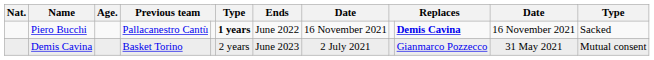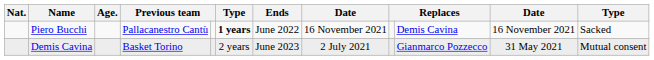 <table class="wikitable sortable">
 <tr>
 <th>Nat.</th>
 <th>Name</th>
 <th>Age.</th>
 <th colspan=2>Previous team</th>
 <th>Type</th>
 <th>Ends</th>
 <th>Date</th>
 <th colspan=2>Replaces</th>
 <th>Date</th>
 <th>Type</th>
 </tr>
 <tr>
 <td style="text-align:center"></td>
 <td><a href='#'>Piero Bucchi</a></td>
 <td style="text-align:center"></td>
 <td><a href='#'>Pallacanestro Cantù</a></td>
 <td style="text-align:center"></td>
 <td style="text-align:center"><strong>1 years</strong></td>
 <td>June 2022</td>
 <td style="text-align:center">16 November 2021</td>
 <td style="text-align:center"></td>
-<td><strong><a href='#'>Demis Cavina</a></strong></td>
+<td><a href='#'>Demis Cavina</a></td>
 <td style="text-align:center">16 November 2021</td>
 <td>Sacked</td>
 </tr>
 <tr style="background-color: #ededed;">
 <td style="text-align:center"></td>
 <td><a href='#'>Demis Cavina</a></td>
 <td style="text-align:center"></td>
 <td><a href='#'>Basket Torino</a></td>
 <td style="text-align:center"></td>
 <td style="text-align:center">2 years</td>
 <td>June 2023</td>
 <td style="text-align:center">2 July 2021</td>
 <td style="text-align:center"></td>
 <td><a href='#'>Gianmarco Pozzecco</a></td>
 <td style="text-align:center">31 May 2021</td>
 <td>Mutual consent</td>
 </tr>
 </table>
